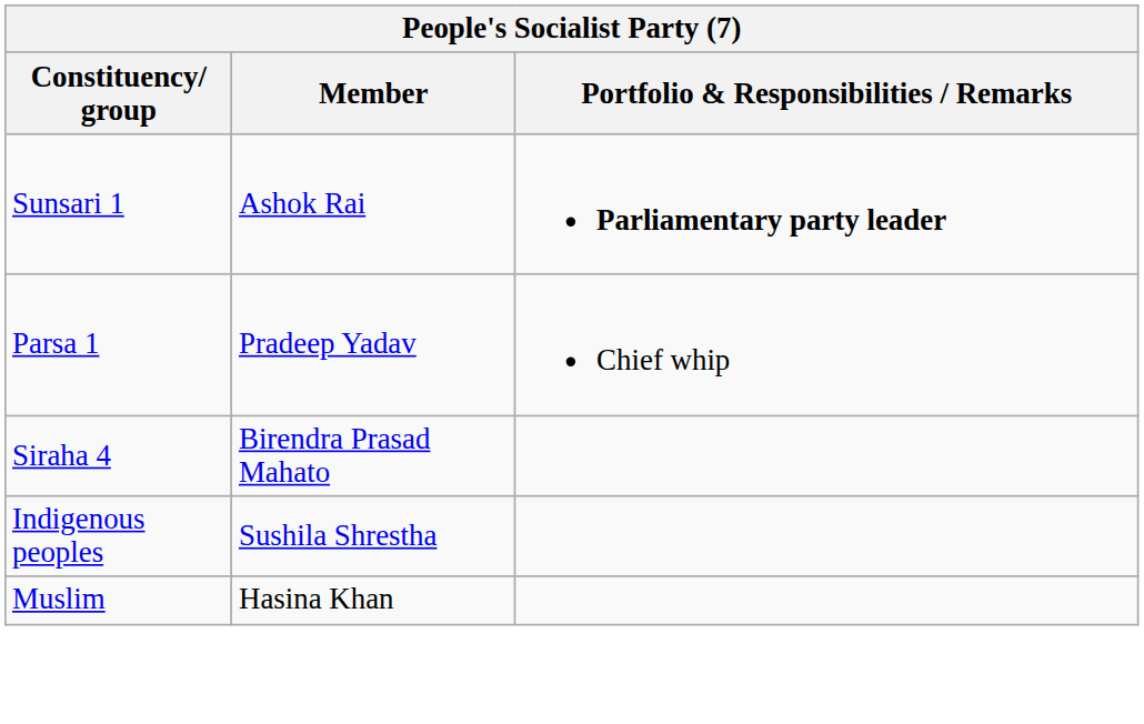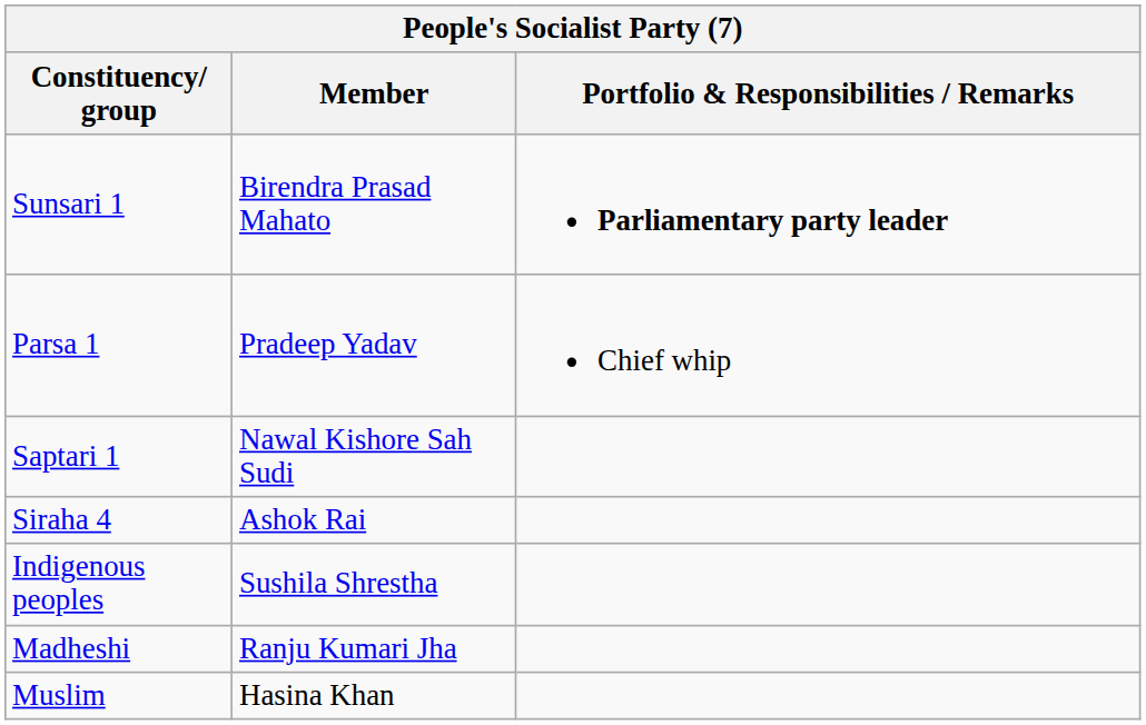 <table class="wikitable sortable mw-collapsible mw-collapsed">
 <tr>
 <th colspan="3" style="width: 800pt; background:">People's Socialist Party (7)</th>
 </tr>
 <tr>
 <th style="width:20%;">Constituency/ group</th>
 <th style="width:25%;">Member</th>
 <th>Portfolio & Responsibilities / Remarks</th>
 </tr>
 <tr>
 <td><a href='#'>Sunsari 1</a></td>
-<td><a href='#'>Ashok Rai</a></td>
+<td><a href='#'>Birendra Prasad Mahato</a></td>
 <td><strong><br><ul><li>Parliamentary party leader</li></ul></strong></td>
 </tr>
 <tr>
 <td><a href='#'>Parsa 1</a></td>
 <td><a href='#'>Pradeep Yadav</a></td>
 <td><br><ul><li>Chief whip</li></ul></td>
 </tr>
 <tr>
+<td><a href='#'>Saptari 1</a></td>
+<td><a href='#'>Nawal Kishore Sah Sudi</a></td>
+<td></td>
+</tr>
+<tr>
 <td><a href='#'>Siraha 4</a></td>
-<td><a href='#'>Birendra Prasad Mahato</a></td>
+<td><a href='#'>Ashok Rai</a></td>
 <td></td>
 </tr>
 <tr>
 <td><a href='#'>Indigenous peoples</a></td>
 <td><a href='#'>Sushila Shrestha</a></td>
 <td></td>
 </tr>
 <tr>
+<td><a href='#'>Madheshi</a></td>
+<td><a href='#'>Ranju Kumari Jha</a></td>
+<td></td>
+</tr>
+<tr>
 <td><a href='#'>Muslim</a></td>
 <td>Hasina Khan</td>
 <td></td>
 </tr>
 </table>
